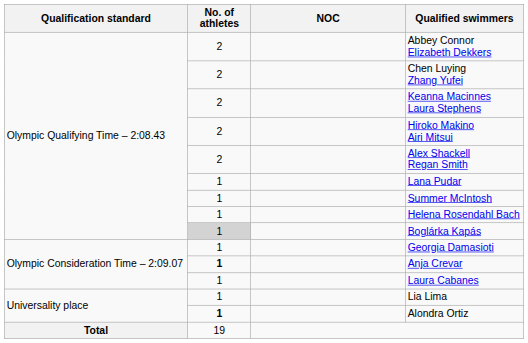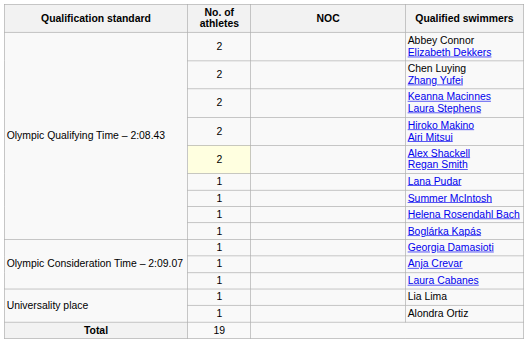 <table class=wikitable style="text-align:left" width=800>
 <tr>
 <th scope="col">Qualification standard</th>
 <th scope="col" width =90>No. of athletes</th>
 <th scope="col" width =230>NOC</th>
 <th scope="col">Qualified swimmers</th>
 </tr>
 <tr>
 <td rowspan=9>Olympic Qualifying Time – 2:08.43</td>
 <td align=center>2</td>
 <td></td>
 <td>Abbey Connor<br><a href='#'>Elizabeth Dekkers</a></td>
 </tr>
 <tr>
 <td align=center>2</td>
 <td></td>
 <td>Chen Luying<br><a href='#'>Zhang Yufei</a></td>
 </tr>
 <tr>
 <td align=center>2</td>
 <td></td>
 <td><a href='#'>Keanna Macinnes</a><br><a href='#'>Laura Stephens</a></td>
 </tr>
 <tr>
 <td align=center>2</td>
 <td></td>
 <td><a href='#'>Hiroko Makino</a><br><a href='#'>Airi Mitsui</a></td>
 </tr>
 <tr>
-<td align=center>2</td>
+<td align=center style="background: lightyellow;">2</td>
 <td></td>
 <td><a href='#'>Alex Shackell</a><br><a href='#'>Regan Smith</a></td>
 </tr>
 <tr>
 <td align=center>1</td>
 <td></td>
 <td><a href='#'>Lana Pudar</a></td>
 </tr>
 <tr>
 <td align=center>1</td>
 <td></td>
 <td><a href='#'>Summer McIntosh</a></td>
 </tr>
 <tr>
 <td align=center>1</td>
 <td></td>
 <td><a href='#'>Helena Rosendahl Bach</a></td>
 </tr>
 <tr>
-<td align=center style="background: lightgrey;">1</td>
+<td align=center>1</td>
 <td></td>
 <td><a href='#'>Boglárka Kapás</a></td>
 </tr>
 <tr>
 <td rowspan=3>Olympic Consideration Time – 2:09.07</td>
 <td align=center>1</td>
 <td></td>
 <td><a href='#'>Georgia Damasioti</a></td>
 </tr>
 <tr>
-<td align=center><strong>1</strong></td>
+<td align=center>1</td>
 <td></td>
 <td><a href='#'>Anja Crevar</a></td>
 </tr>
 <tr>
 <td align=center>1</td>
 <td></td>
 <td><a href='#'>Laura Cabanes</a></td>
 </tr>
 <tr>
 <td rowspan=2>Universality place</td>
 <td align=center>1</td>
 <td></td>
 <td>Lia Lima</td>
 </tr>
 <tr>
-<td align=center><strong>1</strong></td>
+<td align=center>1</td>
 <td></td>
 <td>Alondra Ortiz</td>
 </tr>
 <tr>
 <th scope="row">Total</th>
 <td align=center>19</td>
 <td colspan=2></td>
 </tr>
 </table>
